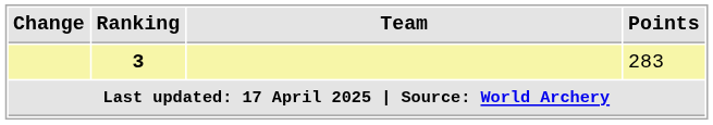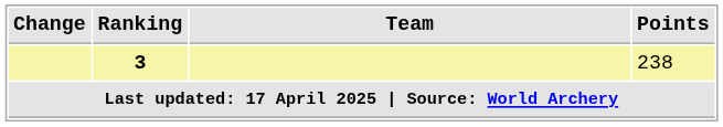 <table cellspacing="1" cellpadding="3" style="border:1px solid #aaa; font-size:90%; float: left; margin-left: 1em;">
 <tr style="background:#e4e4e4;">
 <th style="border-bottom:1px solid #aaa; width:10px;">Change</th>
 <th style="border-bottom:1px solid #aaa; width:10px;">Ranking</th>
 <th style="border-bottom:1px solid #aaa; width:250px;">Team</th>
 <th style="border-bottom:1px solid #aaa; width:30px;">Points</th>
 </tr>
 <tr style="background:#f7f6a8">
 <td style="text-align:center;"></td>
 <td style="text-align:center;"><strong>3</strong></td>
 <td></td>
-<td>283</td>
+<td>238</td>
 </tr>
 <tr style="background:#e4e4e4;">
 <th colspan=4 style="border-bottom:1px solid #aaa; width:10px;"><small>Last updated: 17 April 2025 | Source: <a href='#'>World Archery</a></small></th>
 </tr>
 </table>
